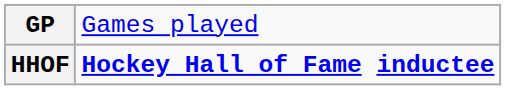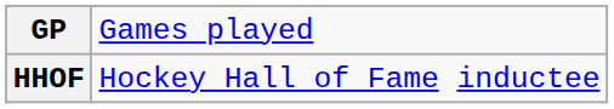 <table class="wikitable">
 <tr>
 <th>GP</th>
 <td><a href='#'>Games played</a></td>
 </tr>
 <tr>
 <th>HHOF</th>
-<td><strong><a href='#'>Hockey Hall of Fame</a> <a href='#'>inductee</a></strong></td>
+<td><a href='#'>Hockey Hall of Fame</a> <a href='#'>inductee</a></td>
 </tr>
 </table>
